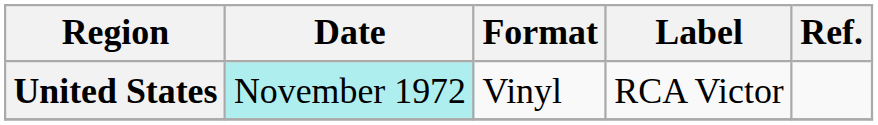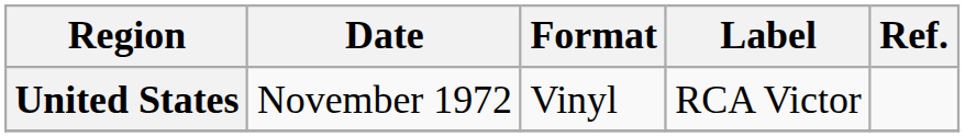 <table class="wikitable plainrowheaders">
 <tr>
 <th scope="col">Region</th>
 <th scope="col">Date</th>
 <th scope="col">Format</th>
 <th scope="col">Label</th>
 <th scope="col">Ref.</th>
 </tr>
 <tr>
 <th scope="row">United States</th>
-<td style="background: paleturquoise;">November 1972</td>
+<td>November 1972</td>
 <td>Vinyl</td>
 <td>RCA Victor</td>
 <td></td>
 </tr>
 <tr>
 </tr>
 </table>
